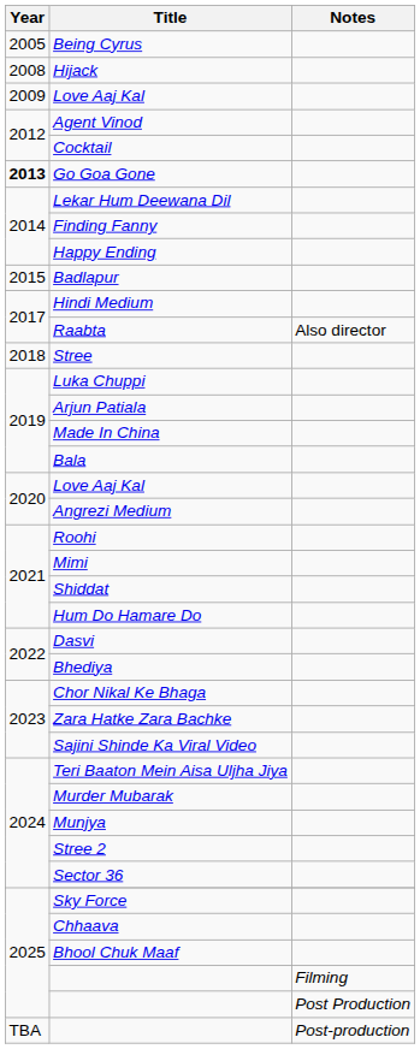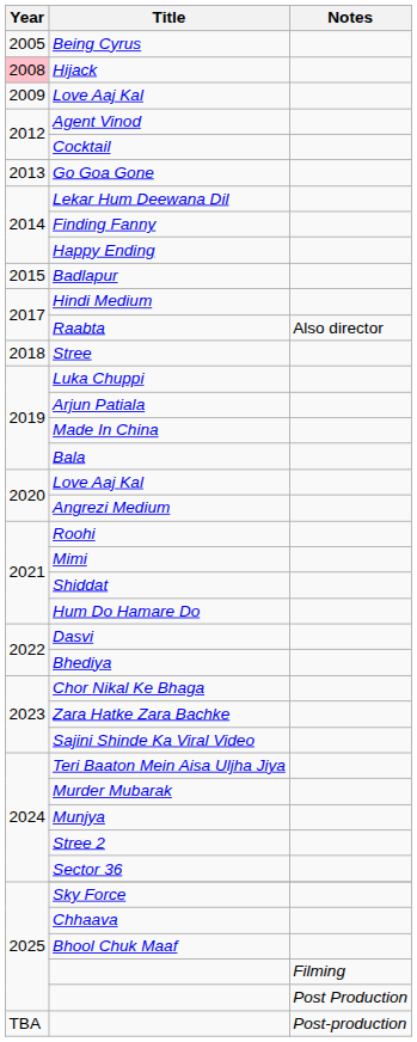 <table class="wikitable">
 <tr>
 <th scope="col">Year</th>
 <th scope="col">Title</th>
 <th scope="col">Notes</th>
 </tr>
 <tr>
 <td>2005</td>
 <td><em><a href='#'>Being Cyrus</a></em></td>
 <td></td>
 </tr>
 <tr>
-<td>2008</td>
+<td style="background: pink;">2008</td>
 <td><em><a href='#'>Hijack</a></em></td>
 <td></td>
 </tr>
 <tr>
 <td>2009</td>
 <td><em><a href='#'>Love Aaj Kal</a></em></td>
 <td></td>
 </tr>
 <tr>
 <td rowspan="2">2012</td>
 <td><em><a href='#'>Agent Vinod</a></em></td>
 <td></td>
 </tr>
 <tr>
 <td><em><a href='#'>Cocktail</a></em></td>
 <td></td>
 </tr>
 <tr>
-<td><strong>2013</strong></td>
+<td>2013</td>
 <td><em><a href='#'>Go Goa Gone</a></em></td>
 <td></td>
 </tr>
 <tr>
 <td rowspan="3">2014</td>
 <td><em><a href='#'>Lekar Hum Deewana Dil</a></em></td>
 <td></td>
 </tr>
 <tr>
 <td><em><a href='#'>Finding Fanny</a></em></td>
 <td></td>
 </tr>
 <tr>
 <td><em><a href='#'>Happy Ending</a></em></td>
 <td></td>
 </tr>
 <tr>
 <td>2015</td>
 <td><em><a href='#'>Badlapur</a></em></td>
 <td></td>
 </tr>
 <tr>
 <td rowspan="2">2017</td>
 <td><em><a href='#'>Hindi Medium</a></em></td>
 <td></td>
 </tr>
 <tr>
 <td><em><a href='#'>Raabta</a></em></td>
 <td>Also director</td>
 </tr>
 <tr>
 <td>2018</td>
 <td><em><a href='#'>Stree</a></em></td>
 <td></td>
 </tr>
 <tr>
 <td rowspan="4">2019</td>
 <td><em><a href='#'>Luka Chuppi</a></em></td>
 <td></td>
 </tr>
 <tr>
 <td><em><a href='#'>Arjun Patiala</a></em></td>
 <td></td>
 </tr>
 <tr>
 <td><em><a href='#'>Made In China</a></em></td>
 <td></td>
 </tr>
 <tr>
 <td><em><a href='#'>Bala</a></em></td>
 <td></td>
 </tr>
 <tr>
 <td rowspan="2">2020</td>
 <td><em><a href='#'>Love Aaj Kal</a></em></td>
 <td></td>
 </tr>
 <tr>
 <td><em><a href='#'>Angrezi Medium</a></em></td>
 <td></td>
 </tr>
 <tr>
 <td rowspan="4">2021</td>
 <td><em><a href='#'>Roohi</a></em></td>
 <td></td>
 </tr>
 <tr>
 <td><em><a href='#'>Mimi</a></em></td>
 <td></td>
 </tr>
 <tr>
 <td><em><a href='#'>Shiddat</a></em></td>
 <td></td>
 </tr>
 <tr>
 <td><em><a href='#'>Hum Do Hamare Do</a></em></td>
 <td></td>
 </tr>
 <tr>
 <td rowspan=2>2022</td>
 <td><em><a href='#'>Dasvi</a></em></td>
 <td></td>
 </tr>
 <tr>
 <td><em><a href='#'>Bhediya</a></em></td>
 <td></td>
 </tr>
 <tr>
 <td rowspan="3">2023</td>
 <td><em><a href='#'>Chor Nikal Ke Bhaga</a></em></td>
 <td></td>
 </tr>
 <tr>
 <td><a href='#'><em>Zara Hatke Zara Bachke</em></a></td>
 <td></td>
 </tr>
 <tr>
 <td><em><a href='#'>Sajini Shinde Ka Viral Video</a></em></td>
 <td></td>
 </tr>
 <tr>
 <td rowspan="5">2024</td>
 <td><em><a href='#'>Teri Baaton Mein Aisa Uljha Jiya</a></em></td>
 <td></td>
 </tr>
 <tr>
 <td><em><a href='#'>Murder Mubarak</a></em></td>
 <td></td>
 </tr>
 <tr>
 <td><em><a href='#'>Munjya</a></em></td>
 <td></td>
 </tr>
 <tr>
 <td><em><a href='#'>Stree 2</a></em></td>
 <td></td>
 </tr>
 <tr>
 <td><em><a href='#'>Sector 36</a></em></td>
 <td></td>
 </tr>
 <tr>
 <td rowspan="6">2025</td>
 </tr>
 <tr>
 <td><em><a href='#'>Sky Force</a></em></td>
 <td></td>
 </tr>
 <tr>
 <td><em><a href='#'>Chhaava</a></em></td>
 <td></td>
 </tr>
 <tr>
 <td><em><a href='#'>Bhool Chuk Maaf</a></em></td>
 <td></td>
 </tr>
 <tr>
 <td></td>
 <td><em>Filming</em></td>
 </tr>
 <tr>
 <td></td>
 <td><em>Post Production</em></td>
 </tr>
 <tr>
 <td>TBA</td>
 <td></td>
 <td><em>Post-production</em></td>
 </tr>
 </table>
